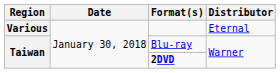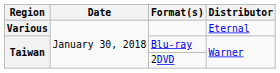 <table class="wikitable plainrowheaders">
 <tr>
 <th>Region</th>
 <th>Date</th>
 <th>Format(s)</th>
 <th>Distributor</th>
 </tr>
 <tr>
 <th scope="row">Various</th>
 <td rowspan="3">January 30, 2018</td>
 <td></td>
 <td><a href='#'>Eternal</a></td>
 </tr>
 <tr>
 <th scope="row" rowspan="2">Taiwan</th>
 <td><a href='#'>Blu-ray</a></td>
 <td rowspan="2"><a href='#'>Warner</a></td>
 </tr>
 <tr>
-<td><strong>2<a href='#'>DVD</a></strong></td>
+<td>2<a href='#'>DVD</a></td>
 </tr>
 </table>
